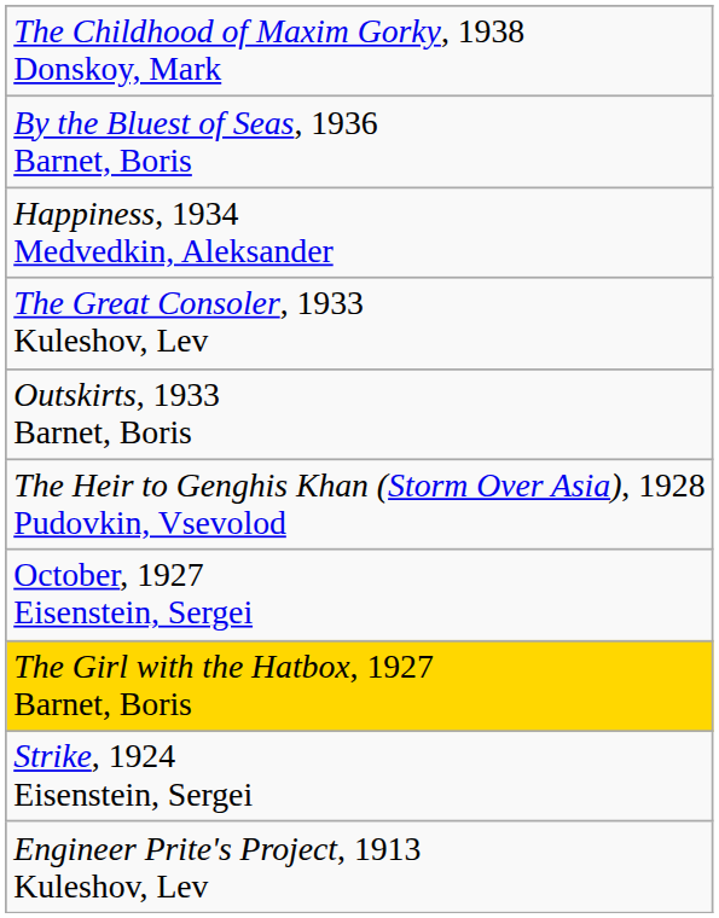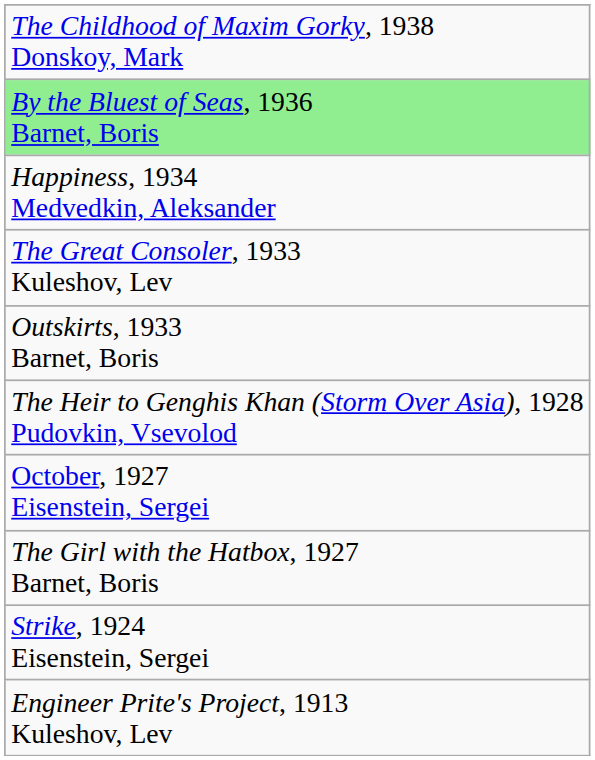 <table class="wikitable">
 <tr>
 <td><em><a href='#'>The Childhood of Maxim Gorky</a></em>, 1938<br><a href='#'>Donskoy, Mark</a></td>
 </tr>
 <tr>
-<td><em><a href='#'>By the Bluest of Seas</a></em>, 1936<br><a href='#'>Barnet, Boris</a></td>
+<td style="background: lightgreen;"><em><a href='#'>By the Bluest of Seas</a></em>, 1936<br><a href='#'>Barnet, Boris</a></td>
 </tr>
 <tr>
 <td><em>Happiness</em>, 1934<br><a href='#'>Medvedkin, Aleksander</a></td>
 </tr>
 <tr>
 <td><em><a href='#'>The Great Consoler</a></em>, 1933<br>Kuleshov, Lev</td>
 </tr>
 <tr>
 <td><em>Outskirts</em>, 1933<br>Barnet, Boris</td>
 </tr>
 <tr>
 <td><em>The Heir to Genghis Khan (<a href='#'>Storm Over Asia</a>)</em>, 1928<br><a href='#'>Pudovkin, Vsevolod</a></td>
 </tr>
 <tr>
 <td><a href='#'>October</a>, 1927<br><a href='#'>Eisenstein, Sergei</a></td>
 </tr>
 <tr>
-<td style="background: gold;"><em>The Girl with the Hatbox</em>, 1927<br>Barnet, Boris</td>
+<td><em>The Girl with the Hatbox</em>, 1927<br>Barnet, Boris</td>
 </tr>
 <tr>
 <td><em><a href='#'>Strike</a></em>, 1924<br>Eisenstein, Sergei</td>
 </tr>
 <tr>
 <td><em>Engineer Prite's Project</em>, 1913<br>Kuleshov, Lev</td>
 </tr>
 </table>
